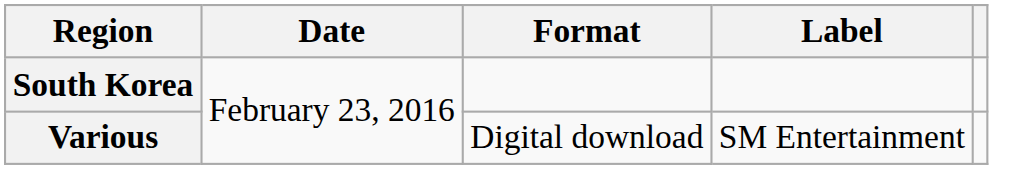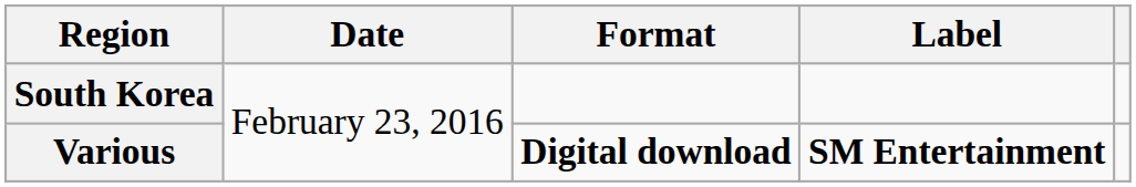 <table class="wikitable plainrowheaders">
 <tr>
 <th scope="col">Region</th>
 <th scope="col">Date</th>
 <th scope="col">Format</th>
 <th scope="col">Label</th>
 <th scope="col"></th>
 </tr>
 <tr>
 <th scope="row">South Korea</th>
 <td rowspan="2">February 23, 2016</td>
 <td></td>
 <td></td>
 <td></td>
 </tr>
 <tr>
 <th scope="row">Various</th>
-<td>Digital download</td>
-<td>SM Entertainment</td>
+<td><strong>Digital download</strong></td>
+<td><strong>SM Entertainment</strong></td>
 <td></td>
 </tr>
 </table>
